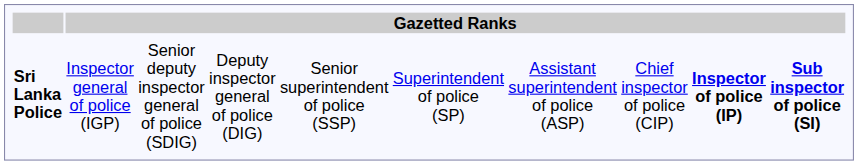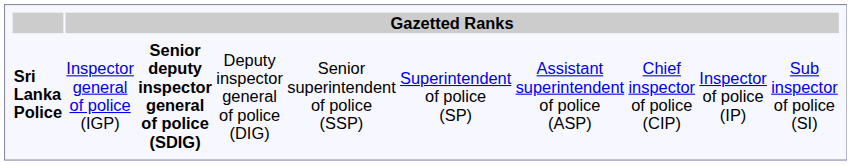 <table style="border:1px solid #8888aa; background:#f7f8ff; padding:5px; font-size:95%; margin:0 12px 12px 0;">
 <tr style="background:#ccc;">
 <th></th>
 <th colspan=9>Gazetted Ranks</th>
 </tr>
 <tr style="text-align:left">
 <th Rowspan=2> Sri Lanka Police</th>
 <td></td>
 <td></td>
 <td></td>
 <td></td>
 <td></td>
 <td></td>
 <td></td>
 <td></td>
 <td></td>
 </tr>
 <tr style="text-align:center">
 <td><a href='#'>Inspector general of police</a><br>(IGP)</td>
-<td>Senior deputy inspector general of police<br>(SDIG)</td>
+<td><strong>Senior deputy inspector general of police<br>(SDIG)</strong></td>
 <td>Deputy inspector general of police<br>(DIG)</td>
 <td>Senior superintendent of police<br>(SSP)</td>
 <td><a href='#'>Superintendent</a> of police<br>(SP)</td>
 <td><a href='#'>Assistant superintendent</a> of police<br>(ASP)</td>
 <td><a href='#'>Chief inspector</a> of police<br>(CIP)</td>
-<td><strong><a href='#'>Inspector</a> of police<br>(IP)</strong></td>
-<td><strong><a href='#'>Sub inspector</a> of police<br>(SI)</strong></td>
+<td><a href='#'>Inspector</a> of police<br>(IP)</td>
+<td><a href='#'>Sub inspector</a> of police<br>(SI)</td>
 </tr>
 </table>
